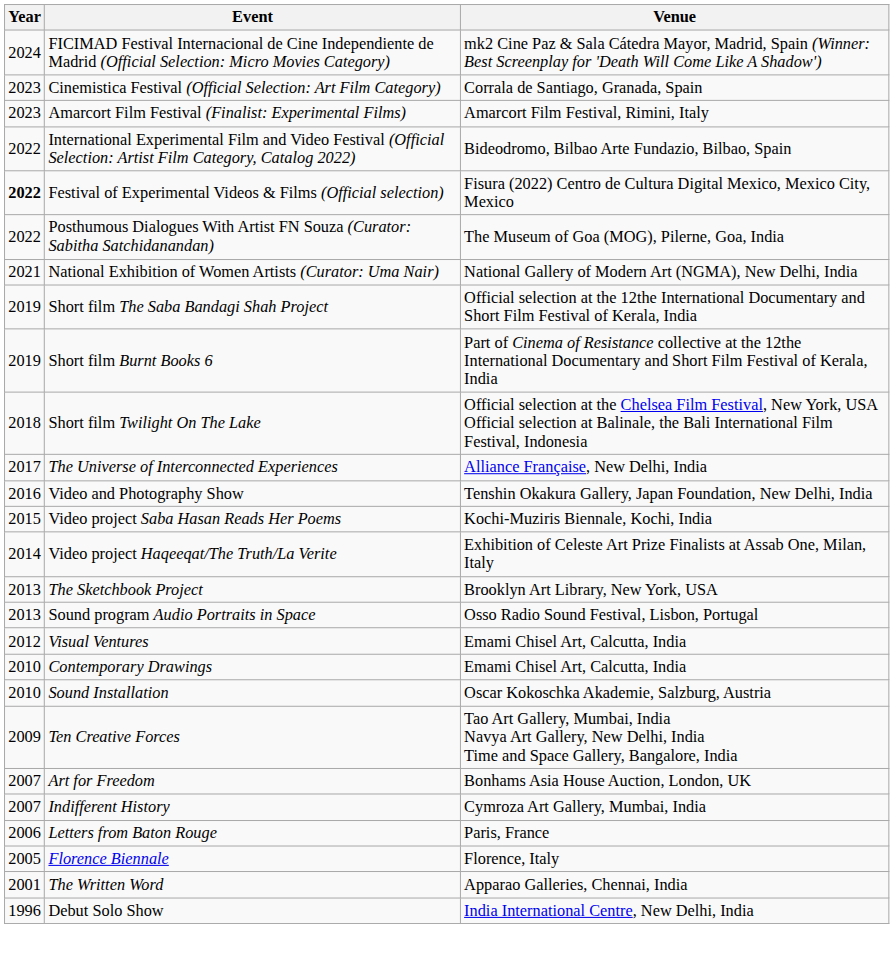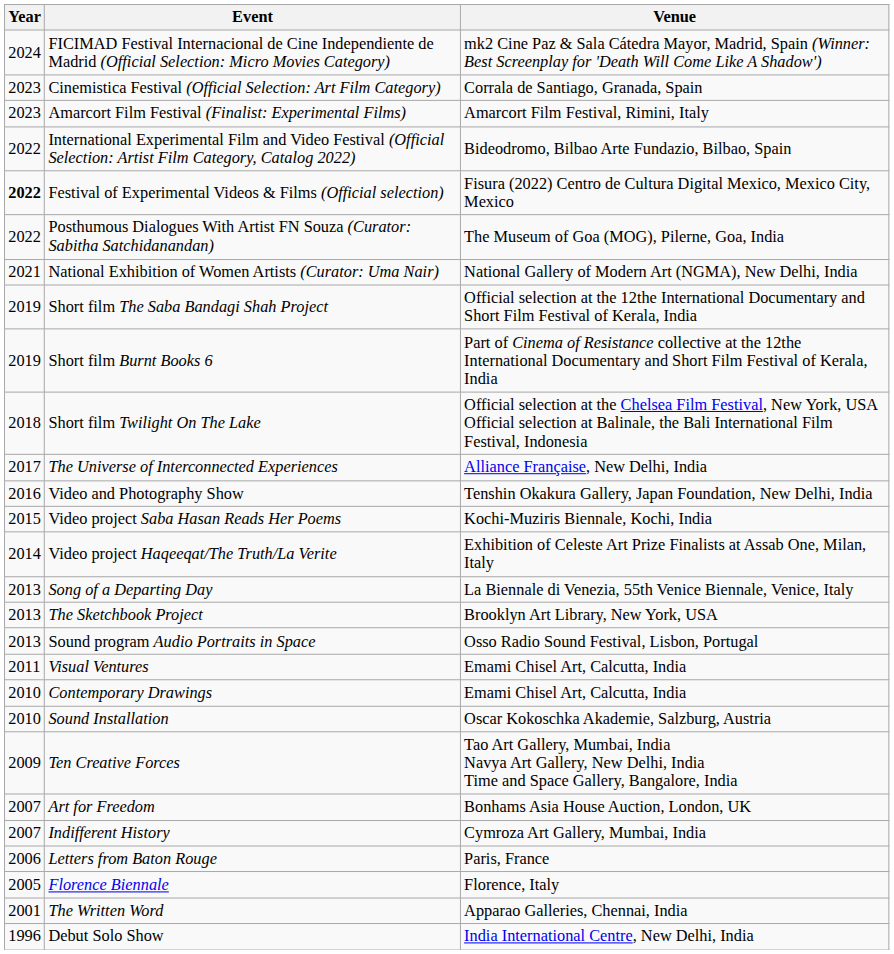 <table class="wikitable">
 <tr>
 <th>Year</th>
 <th>Event</th>
 <th>Venue</th>
 </tr>
 <tr>
 <td>2024</td>
 <td>FICIMAD Festival Internacional de Cine Independiente de Madrid <em>(Official Selection: Micro Movies Category)</em></td>
 <td>mk2 Cine Paz & Sala Cátedra Mayor, Madrid, Spain <em>(Winner: Best Screenplay for 'Death Will Come Like A Shadow')</em> </td>
 </tr>
 <tr>
 <td>2023</td>
 <td>Cinemistica Festival <em>(Official Selection: Art Film Category)</em></td>
 <td>Corrala de Santiago, Granada, Spain </td>
 </tr>
 <tr>
 <td>2023</td>
 <td>Amarcort Film Festival <em>(Finalist: Experimental Films)</em></td>
 <td>Amarcort Film Festival, Rimini, Italy </td>
 </tr>
 <tr>
 <td>2022</td>
 <td>International Experimental Film and Video Festival <em>(Official Selection: Artist Film Category, Catalog 2022)</em></td>
 <td>Bideodromo, Bilbao Arte Fundazio, Bilbao, Spain </td>
 </tr>
 <tr>
 <td><strong>2022</strong></td>
 <td>Festival of Experimental Videos & Films <em>(Official selection)</em></td>
 <td>Fisura (2022) Centro de Cultura Digital Mexico, Mexico City, Mexico </td>
 </tr>
 <tr>
 <td>2022</td>
 <td>Posthumous Dialogues With Artist FN Souza <em>(Curator: Sabitha Satchidanandan)</em></td>
 <td>The Museum of Goa (MOG), Pilerne, Goa, India </td>
 </tr>
 <tr>
 <td>2021</td>
 <td>National Exhibition of Women Artists <em>(Curator: Uma Nair)</em></td>
 <td>National Gallery of Modern Art (NGMA), New Delhi, India </td>
 </tr>
 <tr>
 <td>2019</td>
 <td>Short film <em>The Saba Bandagi Shah Project</em></td>
 <td>Official selection at the 12the International Documentary and Short Film Festival of Kerala, India </td>
 </tr>
 <tr>
 <td>2019</td>
 <td>Short film <em>Burnt Books 6</em></td>
 <td>Part of <em>Cinema of Resistance</em> collective at the 12the International Documentary and Short Film Festival of Kerala, India </td>
 </tr>
 <tr>
 <td>2018</td>
 <td>Short film <em>Twilight On The Lake</em></td>
 <td>Official selection at the <a href='#'>Chelsea Film Festival</a>, New York, USA <br>Official selection at Balinale, the Bali International Film Festival, Indonesia </td>
 </tr>
 <tr>
 <td>2017</td>
 <td><em>The Universe of Interconnected Experiences</em></td>
 <td><a href='#'>Alliance Française</a>, New Delhi, India </td>
 </tr>
 <tr>
 <td>2016</td>
 <td>Video and Photography Show</td>
 <td>Tenshin Okakura Gallery, Japan Foundation, New Delhi, India </td>
 </tr>
 <tr>
 <td>2015</td>
 <td>Video project <em>Saba Hasan Reads Her Poems</em></td>
 <td>Kochi-Muziris Biennale, Kochi, India </td>
 </tr>
 <tr>
 <td>2014</td>
 <td>Video project <em>Haqeeqat/The Truth/La Verite</em></td>
 <td>Exhibition of Celeste Art Prize Finalists at Assab One, Milan, Italy </td>
 </tr>
 <tr>
 <td>2013</td>
+<td><em>Song of a Departing Day</em></td>
+<td>La Biennale di Venezia, 55th Venice Biennale, Venice, Italy </td>
+</tr>
+<tr>
+<td>2013</td>
 <td><em>The Sketchbook Project</em></td>
 <td>Brooklyn Art Library, New York, USA </td>
 </tr>
 <tr>
 <td>2013</td>
 <td>Sound program <em>Audio Portraits in Space</em></td>
 <td>Osso Radio Sound Festival, Lisbon, Portugal </td>
 </tr>
 <tr>
-<td>2012</td>
+<td>2011</td>
 <td><em>Visual Ventures</em></td>
 <td>Emami Chisel Art, Calcutta, India </td>
 </tr>
 <tr>
 <td>2010</td>
 <td><em>Contemporary Drawings</em></td>
 <td>Emami Chisel Art, Calcutta, India </td>
 </tr>
 <tr>
 <td>2010</td>
 <td><em>Sound Installation</em></td>
 <td>Oscar Kokoschka Akademie, Salzburg, Austria </td>
 </tr>
 <tr>
 <td>2009</td>
 <td><em>Ten Creative Forces</em></td>
 <td>Tao Art Gallery, Mumbai, India<br>Navya Art Gallery, New Delhi, India  <br> Time and Space Gallery, Bangalore, India </td>
 </tr>
 <tr>
 <td>2007</td>
 <td><em>Art for Freedom</em></td>
 <td>Bonhams Asia House Auction, London, UK </td>
 </tr>
 <tr>
 <td>2007</td>
 <td><em>Indifferent History</em></td>
 <td>Cymroza Art Gallery, Mumbai, India  </td>
 </tr>
 <tr>
 <td>2006</td>
 <td><em>Letters from Baton Rouge</em></td>
 <td>Paris, France  </td>
 </tr>
 <tr>
 <td>2005</td>
 <td><em><a href='#'>Florence Biennale</a></em></td>
 <td>Florence, Italy </td>
 </tr>
 <tr>
 <td>2001</td>
 <td><em>The Written Word</em></td>
 <td>Apparao Galleries, Chennai, India </td>
 </tr>
 <tr>
 <td>1996</td>
 <td>Debut Solo Show</td>
 <td><a href='#'>India International Centre</a>, New Delhi, India </td>
 </tr>
 </table>
